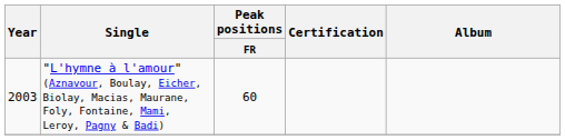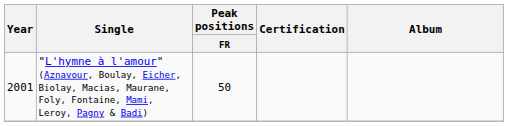 <table class="wikitable">
 <tr>
 <th align="center" rowspan="2" width="10">Year</th>
 <th align="center" rowspan="2" width="180">Single</th>
 <th align="center" colspan="1">Peak positions</th>
 <th align="center" rowspan="2" width="70">Certification</th>
 <th align="center" rowspan="2" width="180">Album</th>
 </tr>
 <tr>
 <th width="20"><small>FR</small><br></th>
 </tr>
 <tr>
-<td align="center">2003</td>
+<td align="center">2001</td>
 <td>"<a href='#'>L'hymne à l'amour</a>" <br><small>(<a href='#'>Aznavour</a>, Boulay, <a href='#'>Eicher</a>, Biolay, Macias, Maurane, Foly, Fontaine, <a href='#'>Mami</a>, Leroy, <a href='#'>Pagny</a> & <a href='#'>Badi</a>)</small></td>
-<td align="center">60</td>
+<td align="center">50</td>
 <td align="center" rowspan="1"></td>
 <td></td>
 </tr>
 <tr>
 </tr>
 </table>
